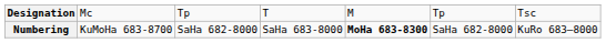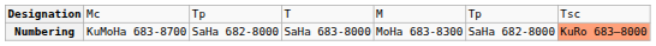 <table class="wikitable">
 <tr>
 <th>Designation</th>
 <td>Mc</td>
 <td>Tp</td>
 <td>T</td>
 <td>M</td>
 <td>Tp</td>
 <td>Tsc</td>
 </tr>
 <tr>
 <th>Numbering</th>
 <td>KuMoHa 683-8700</td>
 <td>SaHa 682-8000</td>
 <td>SaHa 683-8000</td>
-<td><strong>MoHa 683-8300</strong></td>
+<td>MoHa 683-8300</td>
 <td>SaHa 682-8000</td>
-<td>KuRo 683–8000</td>
+<td style="background: lightsalmon;">KuRo 683–8000</td>
 </tr>
 </table>
